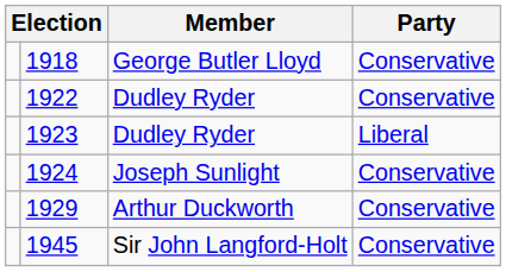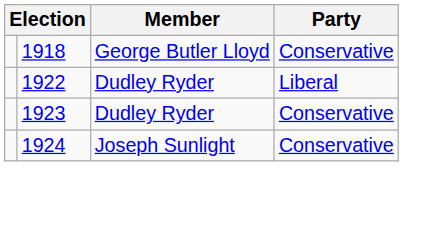 <table class="wikitable">
 <tr>
 <th colspan="2">Election</th>
 <th>Member</th>
 <th>Party</th>
 </tr>
 <tr>
 <td style="color:inherit;background-color: "></td>
 <td><a href='#'>1918</a></td>
 <td><a href='#'>George Butler Lloyd</a></td>
 <td><a href='#'>Conservative</a></td>
 </tr>
 <tr>
 <td style="color:inherit;background-color: "></td>
 <td><a href='#'>1922</a></td>
 <td><a href='#'>Dudley Ryder</a></td>
-<td><a href='#'>Conservative</a></td>
+<td><a href='#'>Liberal</a></td>
 </tr>
 <tr>
 <td style="color:inherit;background-color: "></td>
 <td><a href='#'>1923</a></td>
 <td><a href='#'>Dudley Ryder</a></td>
-<td><a href='#'>Liberal</a></td>
+<td><a href='#'>Conservative</a></td>
 </tr>
 <tr>
 <td style="color:inherit;background-color: "></td>
 <td><a href='#'>1924</a></td>
 <td><a href='#'>Joseph Sunlight</a></td>
 <td><a href='#'>Conservative</a></td>
 </tr>
-<tr>
-<td style="color:inherit;background-color: "></td>
-<td><a href='#'>1929</a></td>
-<td><a href='#'>Arthur Duckworth</a></td>
-<td><a href='#'>Conservative</a></td>
-</tr>
-<tr>
-<td style="color:inherit;background-color: "></td>
-<td><a href='#'>1945</a></td>
-<td>Sir <a href='#'>John Langford-Holt</a></td>
-<td><a href='#'>Conservative</a></td>
-</tr>
 </table>
